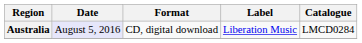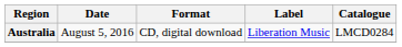 <table class="wikitable plainrowheaders">
 <tr>
 <th scope="col">Region</th>
 <th scope="col">Date</th>
 <th scope="col">Format</th>
 <th scope="col">Label</th>
 <th scope="col">Catalogue</th>
 </tr>
 <tr>
 <th scope="row">Australia</th>
-<td style="background: lavender;">August 5, 2016</td>
+<td>August 5, 2016</td>
 <td>CD, digital download</td>
 <td><a href='#'>Liberation Music</a></td>
 <td>LMCD0284</td>
 </tr>
 <tr>
 </tr>
 </table>
